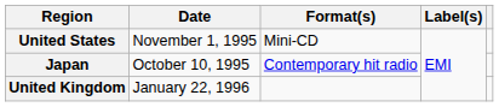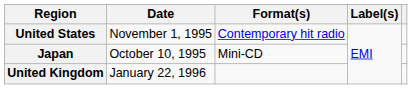 <table class="wikitable plainrowheaders">
 <tr>
 <th scope="col">Region</th>
 <th scope="col">Date</th>
 <th scope="col">Format(s)</th>
 <th scope="col">Label(s)</th>
 <th scope="col"></th>
 </tr>
 <tr>
 <th scope="row">United States</th>
 <td>November 1, 1995</td>
-<td>Mini-CD</td>
+<td><a href='#'>Contemporary hit radio</a></td>
 <td rowspan="3"><a href='#'>EMI</a></td>
 <td></td>
 </tr>
 <tr>
 <th scope="row">Japan</th>
 <td>October 10, 1995</td>
-<td><a href='#'>Contemporary hit radio</a></td>
+<td>Mini-CD</td>
 <td></td>
 </tr>
 <tr>
 <th scope="row">United Kingdom</th>
 <td>January 22, 1996</td>
 <td></td>
 <td></td>
 </tr>
 </table>
